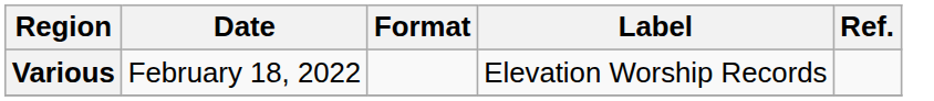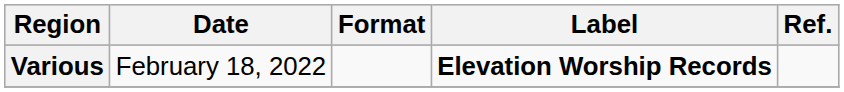 <table class="wikitable plainrowheaders">
 <tr>
 <th scope="col">Region</th>
 <th scope="col">Date</th>
 <th scope="col">Format</th>
 <th scope="col">Label</th>
 <th scope="col">Ref.</th>
 </tr>
 <tr>
 <th scope="row">Various</th>
 <td>February 18, 2022</td>
 <td></td>
-<td>Elevation Worship Records</td>
+<td><strong>Elevation Worship Records</strong></td>
 <td></td>
 </tr>
 <tr>
 </tr>
 </table>
